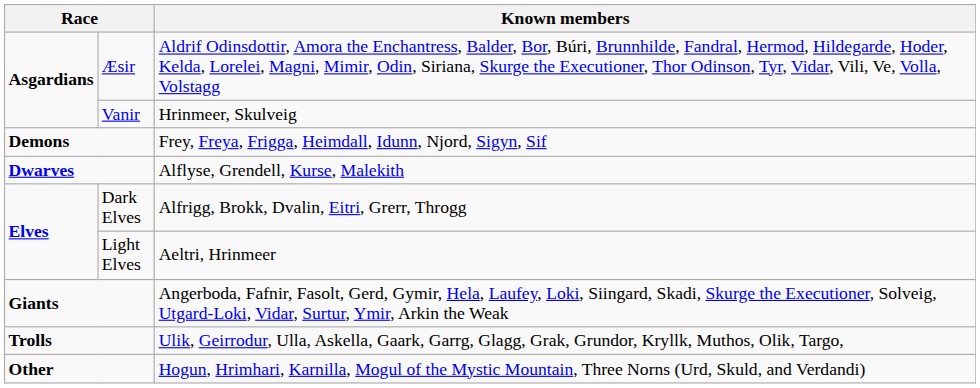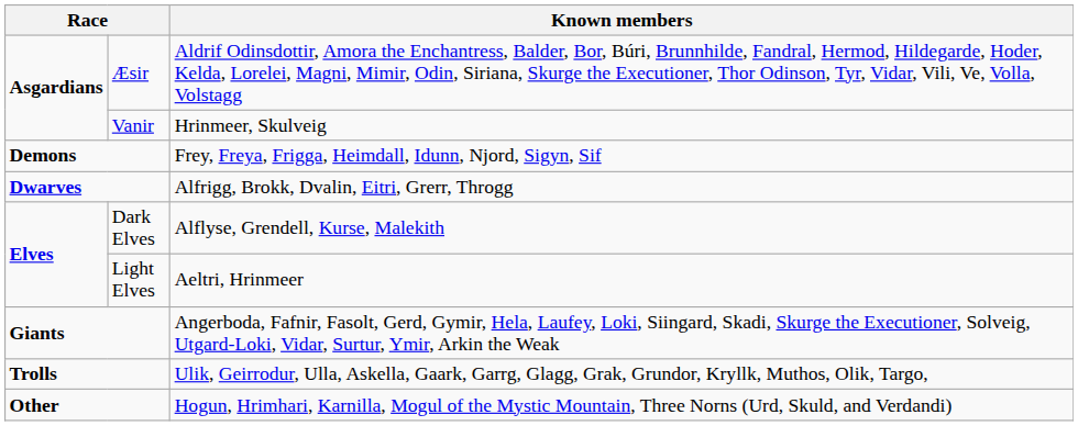 <table class="wikitable"  style="width:100%; text-align:left; margin:1em auto 1em auto;">
 <tr>
 <th style="width:12%;" colspan="2">Race</th>
 <th width=87%>Known members</th>
 </tr>
 <tr>
 <td rowspan="2"><strong>Asgardians</strong></td>
 <td><a href='#'>Æsir</a></td>
 <td><a href='#'>Aldrif Odinsdottir</a>, <a href='#'>Amora the Enchantress</a>, <a href='#'>Balder</a>, <a href='#'>Bor</a>, Búri, <a href='#'>Brunnhilde</a>, <a href='#'>Fandral</a>, <a href='#'>Hermod</a>, <a href='#'>Hildegarde</a>, <a href='#'>Hoder</a>, <a href='#'>Kelda</a>, <a href='#'>Lorelei</a>, <a href='#'>Magni</a>, <a href='#'>Mimir</a>, <a href='#'>Odin</a>, Siriana, <a href='#'>Skurge the Executioner</a>, <a href='#'>Thor Odinson</a>, <a href='#'>Tyr</a>, <a href='#'>Vidar</a>, Vili, Ve, <a href='#'>Volla</a>, <a href='#'>Volstagg</a></td>
 </tr>
 <tr>
 <td><a href='#'>Vanir</a></td>
 <td>Hrinmeer, Skulveig </td>
 </tr>
 <tr>
 <td colspan="2"><strong>Demons</strong></td>
 <td>Frey, <a href='#'>Freya</a>, <a href='#'>Frigga</a>, <a href='#'>Heimdall</a>, <a href='#'>Idunn</a>, Njord, <a href='#'>Sigyn</a>, <a href='#'>Sif</a></td>
 </tr>
 <tr>
 <td colspan="2"><strong><a href='#'>Dwarves</a></strong></td>
-<td>Alflyse, Grendell, <a href='#'>Kurse</a>, <a href='#'>Malekith</a></td>
+<td>Alfrigg, Brokk, Dvalin, <a href='#'>Eitri</a>, Grerr, Throgg</td>
 </tr>
 <tr>
 <td rowspan="2"><strong><a href='#'>Elves</a></strong></td>
 <td>Dark Elves</td>
-<td>Alfrigg, Brokk, Dvalin, <a href='#'>Eitri</a>, Grerr, Throgg</td>
+<td>Alflyse, Grendell, <a href='#'>Kurse</a>, <a href='#'>Malekith</a></td>
 </tr>
 <tr>
 <td>Light Elves</td>
 <td>Aeltri, Hrinmeer</td>
 </tr>
 <tr>
 <td colspan="2"><strong>Giants</strong></td>
 <td>Angerboda, Fafnir, Fasolt, Gerd, Gymir, <a href='#'>Hela</a>, <a href='#'>Laufey</a>, <a href='#'>Loki</a>, Siingard, Skadi, <a href='#'>Skurge the Executioner</a>, Solveig, <a href='#'>Utgard-Loki</a>, <a href='#'>Vidar</a>, <a href='#'>Surtur</a>, <a href='#'>Ymir</a>, Arkin the Weak</td>
 </tr>
 <tr>
 <td colspan="2"><strong>Trolls</strong></td>
 <td><a href='#'>Ulik</a>, <a href='#'>Geirrodur</a>, Ulla, Askella, Gaark, Garrg, Glagg, Grak, Grundor, Kryllk, Muthos, Olik, Targo,</td>
 </tr>
 <tr>
 <td colspan="2"><strong>Other</strong></td>
 <td><a href='#'>Hogun</a>, <a href='#'>Hrimhari</a>, <a href='#'>Karnilla</a>, <a href='#'>Mogul of the Mystic Mountain</a>, Three Norns (Urd, Skuld, and Verdandi)</td>
 </tr>
 </table>
